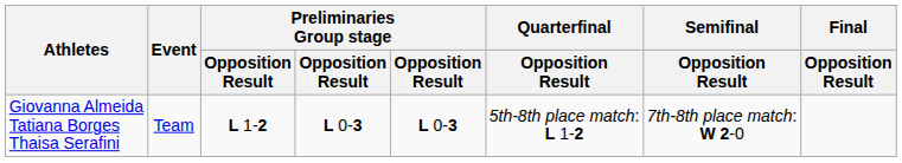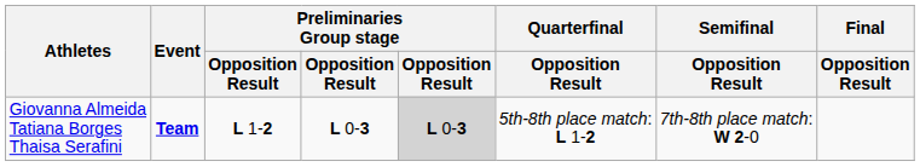 <table class="wikitable" style="font-size:90%">
 <tr>
 <th rowspan=2>Athletes</th>
 <th rowspan=2>Event</th>
 <th colspan=3>Preliminaries<br>Group stage</th>
 <th>Quarterfinal</th>
 <th>Semifinal</th>
 <th>Final</th>
 </tr>
 <tr>
 <th>Opposition<br>Result</th>
 <th>Opposition<br>Result</th>
 <th>Opposition<br>Result</th>
 <th>Opposition<br>Result</th>
 <th>Opposition<br>Result</th>
 <th>Opposition<br>Result</th>
 </tr>
 <tr>
 <td><a href='#'>Giovanna Almeida</a><br><a href='#'>Tatiana Borges</a><br><a href='#'>Thaisa Serafini</a></td>
-<td align=center><a href='#'>Team</a></td>
+<td align=center><strong><a href='#'>Team</a></strong></td>
 <td align=center> <strong>L</strong> 1-<strong>2</strong></td>
 <td align=center> <strong>L</strong> 0-<strong>3</strong></td>
-<td align=center> <strong>L</strong> 0-<strong>3</strong></td>
+<td align=center style="background: lightgrey;"> <strong>L</strong> 0-<strong>3</strong></td>
 <td align=center><em>5th-8th place match</em>:<br> <strong>L</strong> 1-<strong>2</strong></td>
 <td align=center><em>7th-8th place match</em>:<br> <strong>W</strong> <strong>2</strong>-0</td>
 <td align=center></td>
 </tr>
 </table>
